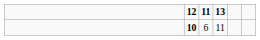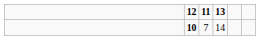 <table class="wikitable">
 <tr>
 <td style="width:18em"><strong></strong></td>
 <td align=center style="width:1em"><strong>12</strong></td>
 <td align=center style="width:1em"><strong>11</strong></td>
 <td align=center style="width:1em"><strong>13</strong></td>
 <td align=center style="width:1em"></td>
 <td align=center style="width:1em"></td>
 </tr>
 <tr>
 <td style="width:18em"></td>
 <td align=center style="width:1em"><strong>10</strong></td>
-<td align=center style="width:1em">6</td>
-<td align=center style="width:1em">11</td>
+<td align=center style="width:1em">7</td>
+<td align=center style="width:1em">14</td>
 <td align=center style="width:1em"></td>
 <td align=center style="width:1em"></td>
 </tr>
 </table>
